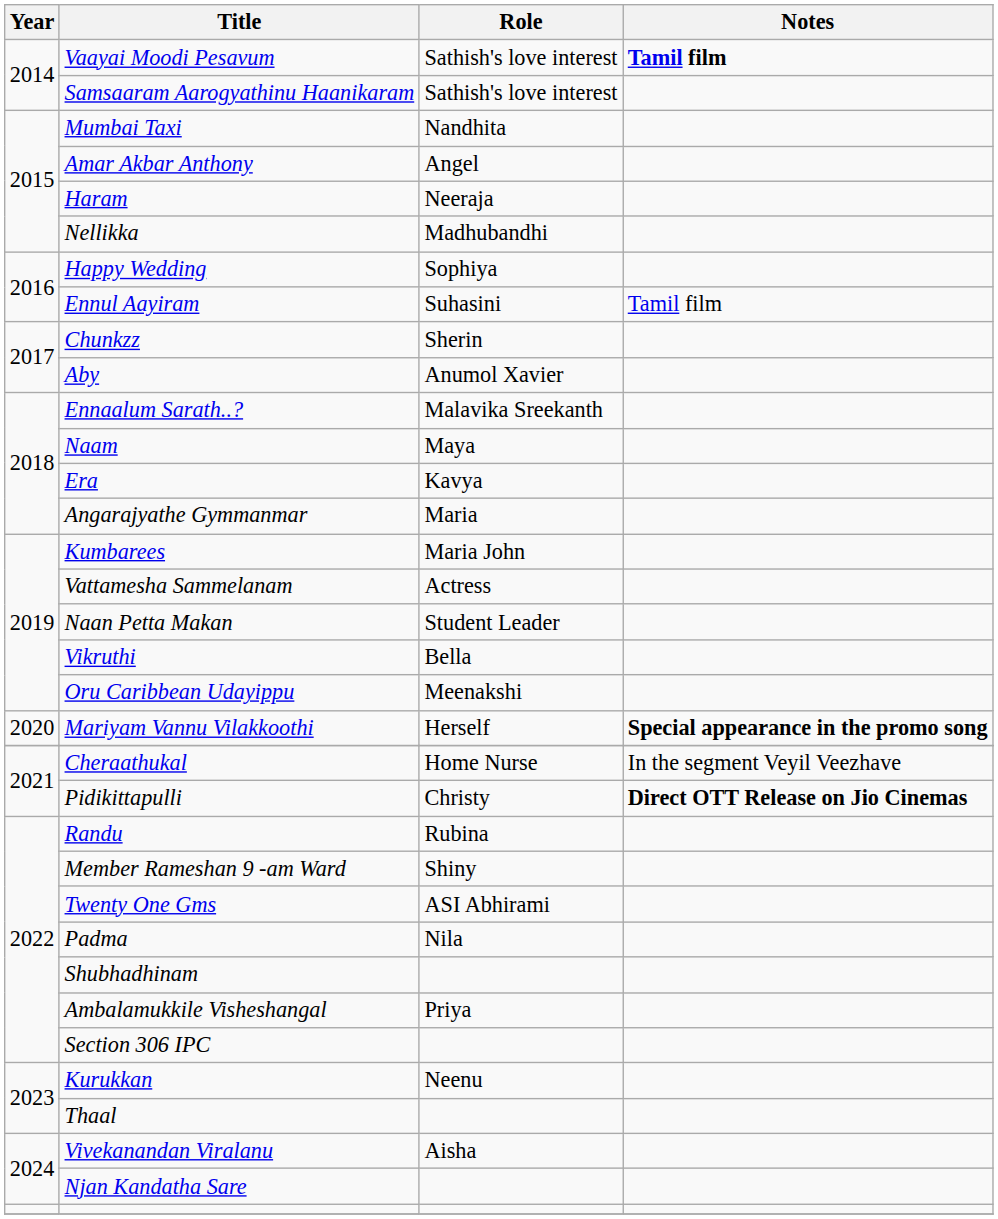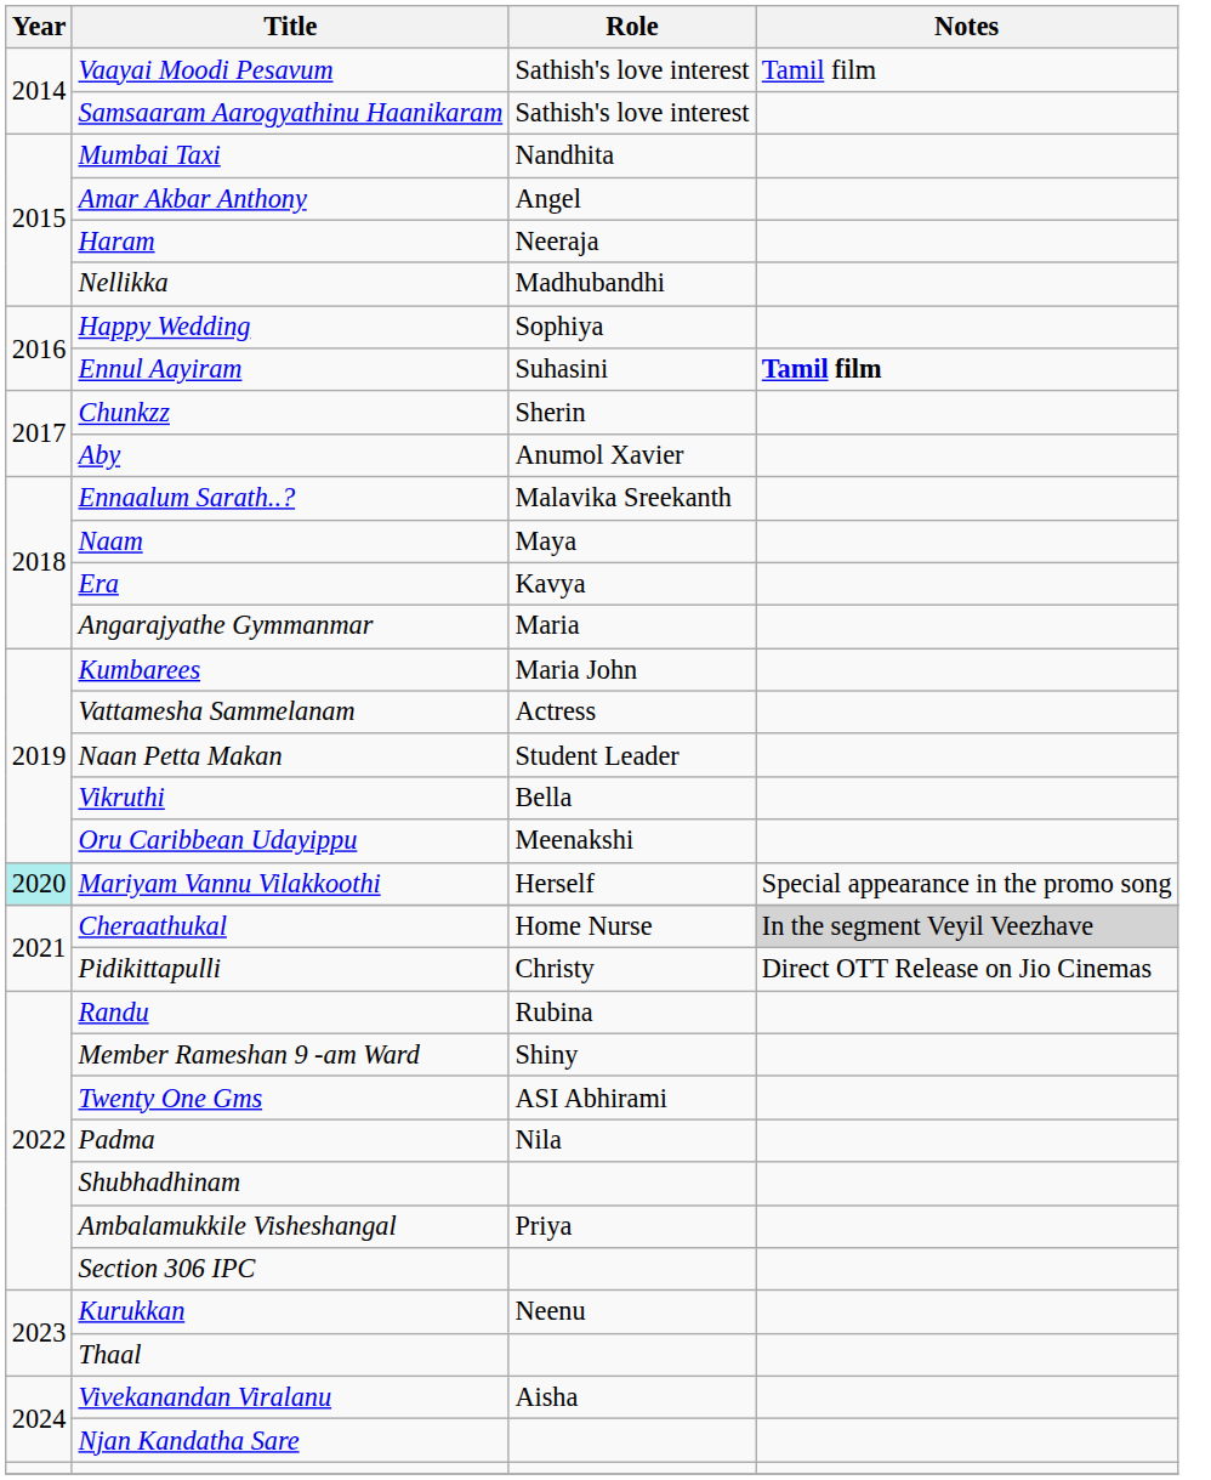 <table class="wikitable sortable">
 <tr>
 <th>Year</th>
 <th>Title</th>
 <th>Role</th>
 <th class="unsortable">Notes</th>
 </tr>
 <tr>
 <td rowspan="2">2014</td>
 <td><em><a href='#'>Vaayai Moodi Pesavum</a></em></td>
 <td>Sathish's love interest</td>
-<td><strong><a href='#'>Tamil</a> film</strong></td>
+<td><a href='#'>Tamil</a> film</td>
 </tr>
 <tr>
 <td><em><a href='#'>Samsaaram Aarogyathinu Haanikaram</a></em></td>
 <td>Sathish's love interest</td>
 <td></td>
 </tr>
 <tr>
 <td rowspan="4">2015</td>
 <td><em><a href='#'>Mumbai Taxi</a></em></td>
 <td>Nandhita</td>
 <td></td>
 </tr>
 <tr>
 <td><em><a href='#'>Amar Akbar Anthony</a></em></td>
 <td>Angel</td>
 <td></td>
 </tr>
 <tr>
 <td><em><a href='#'>Haram</a></em></td>
 <td>Neeraja</td>
 <td></td>
 </tr>
 <tr>
 <td><em>Nellikka</em></td>
 <td>Madhubandhi</td>
 <td></td>
 </tr>
 <tr>
 <td rowspan="2">2016</td>
 <td><em><a href='#'>Happy Wedding</a></em></td>
 <td>Sophiya</td>
 <td></td>
 </tr>
 <tr>
 <td><em><a href='#'>Ennul Aayiram</a></em></td>
 <td>Suhasini</td>
-<td><a href='#'>Tamil</a> film</td>
+<td><strong><a href='#'>Tamil</a> film</strong></td>
 </tr>
 <tr>
 <td rowspan="2">2017</td>
 <td><em><a href='#'>Chunkzz</a></em></td>
 <td>Sherin</td>
 <td></td>
 </tr>
 <tr>
 <td><em><a href='#'>Aby</a></em></td>
 <td>Anumol Xavier</td>
 <td></td>
 </tr>
 <tr>
 <td rowspan=4>2018</td>
 <td><em><a href='#'>Ennaalum Sarath..?</a></em></td>
 <td>Malavika Sreekanth</td>
 <td></td>
 </tr>
 <tr>
 <td><em><a href='#'>Naam</a></em></td>
 <td>Maya</td>
 <td></td>
 </tr>
 <tr>
 <td><em><a href='#'>Era</a></em></td>
 <td>Kavya</td>
 <td></td>
 </tr>
 <tr>
 <td><em>Angarajyathe Gymmanmar</em></td>
 <td>Maria</td>
 <td></td>
 </tr>
 <tr>
 <td rowspan="5">2019</td>
 <td><em><a href='#'>Kumbarees</a></em></td>
 <td>Maria John</td>
 <td></td>
 </tr>
 <tr>
 <td><em>Vattamesha Sammelanam</em></td>
 <td>Actress</td>
 <td></td>
 </tr>
 <tr>
 <td><em>Naan Petta Makan</em></td>
 <td>Student Leader</td>
 <td></td>
 </tr>
 <tr>
 <td><em><a href='#'>Vikruthi</a></em></td>
 <td>Bella</td>
 <td></td>
 </tr>
 <tr>
 <td><em><a href='#'>Oru Caribbean Udayippu</a></em></td>
 <td>Meenakshi</td>
 <td></td>
 </tr>
 <tr>
-<td rowspan="1">2020</td>
+<td rowspan="1" style="background: paleturquoise;">2020</td>
 <td><em><a href='#'>Mariyam Vannu Vilakkoothi</a></em></td>
 <td>Herself</td>
-<td><strong>Special appearance in the promo song</strong></td>
+<td>Special appearance in the promo song</td>
 </tr>
 <tr>
 </tr>
 <tr>
 <td rowspan="2">2021</td>
 <td><em><a href='#'>Cheraathukal</a></em></td>
 <td>Home Nurse</td>
-<td>In the segment Veyil Veezhave</td>
+<td style="background: lightgrey;">In the segment Veyil Veezhave</td>
 </tr>
 <tr>
 <td><em>Pidikittapulli</em></td>
 <td>Christy</td>
-<td><strong>Direct OTT Release on Jio Cinemas</strong></td>
+<td>Direct OTT Release on Jio Cinemas</td>
 </tr>
 <tr>
 <td rowspan=7>2022</td>
 <td><em><a href='#'>Randu</a></em></td>
 <td>Rubina</td>
 <td></td>
 </tr>
 <tr>
 <td><em>Member Rameshan 9 -am Ward</em></td>
 <td>Shiny</td>
 <td></td>
 </tr>
 <tr>
 <td><em><a href='#'>Twenty One Gms</a></em></td>
 <td>ASI Abhirami</td>
 <td></td>
 </tr>
 <tr>
 <td><em>Padma</em></td>
 <td>Nila</td>
 <td></td>
 </tr>
 <tr>
 <td><em>Shubhadhinam</em></td>
 <td></td>
 <td></td>
 </tr>
 <tr>
 <td><em>Ambalamukkile Visheshangal</em></td>
 <td>Priya</td>
 <td></td>
 </tr>
 <tr>
 <td><em>Section 306 IPC </em></td>
 <td></td>
 <td></td>
 </tr>
 <tr>
 <td rowspan="2">2023</td>
 <td><em><a href='#'>Kurukkan</a></em></td>
 <td>Neenu</td>
 <td></td>
 </tr>
 <tr>
 <td><em>Thaal</em></td>
 <td></td>
 <td></td>
 </tr>
 <tr>
 <td rowspan=2>2024</td>
 <td><em><a href='#'>Vivekanandan Viralanu</a></em></td>
 <td>Aisha</td>
 <td></td>
 </tr>
 <tr>
 <td><em><a href='#'>Njan Kandatha Sare</a></em></td>
 <td></td>
 <td></td>
 </tr>
 <tr>
 <td></td>
 <td></td>
 <td></td>
 <td></td>
 </tr>
 <tr>
 </tr>
 </table>
